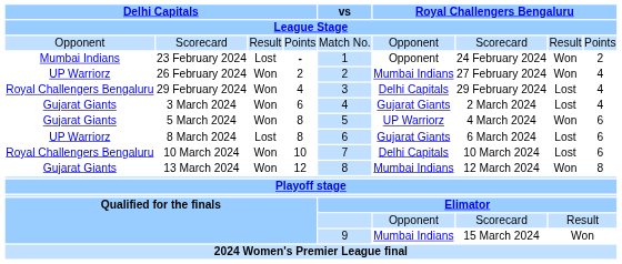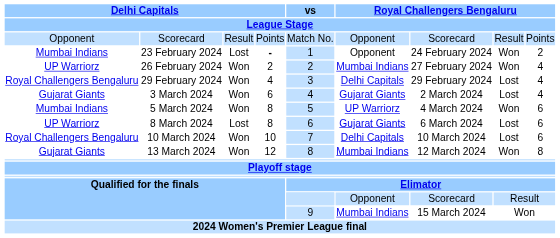 <table style="text-align:center;margin:auto;">
 <tr style="vertical-align:top;background:#99CCFF">
 <th colspan="4"><a href='#'>Delhi Capitals</a></th>
 <th>vs</th>
 <th colspan="4"><a href='#'>Royal Challengers Bengaluru</a></th>
 </tr>
 <tr style="vertical-align:top;background:#99CCFF">
 <th colspan="9"><a href='#'>League Stage</a></th>
 </tr>
 <tr style="vertical-align:top;background:#C1E0FF">
 <td>Opponent</td>
 <td>Scorecard</td>
 <td>Result</td>
 <td>Points</td>
 <td>Match No.</td>
 <td>Opponent</td>
 <td>Scorecard</td>
 <td>Result</td>
 <td>Points</td>
 </tr>
 <tr>
 <td style="text-align:center;margin:auto;"><a href='#'>Mumbai Indians</a></td>
 <td>23 February 2024</td>
 <td>Lost</td>
 <th>-</th>
 <td style="background:#C1E0FF">1</td>
 <td>Opponent</td>
 <td>24 February 2024</td>
 <td>Won</td>
 <td>2</td>
 </tr>
 <tr>
 <td style="text-align:center"><a href='#'>UP Warriorz</a></td>
 <td>26 February 2024</td>
 <td>Won</td>
 <td>2</td>
 <td style="background:#C1E0FF">2</td>
 <td style="text-align:center"><a href='#'>Mumbai Indians</a></td>
 <td>27 February 2024</td>
 <td>Won</td>
 <td>4</td>
 </tr>
 <tr>
 <td style="text-align:center"><a href='#'>Royal Challengers Bengaluru</a></td>
 <td>29 February 2024</td>
 <td>Won</td>
 <td>4</td>
 <td style="background:#C1E0FF">3</td>
 <td style="text-align:center"><a href='#'>Delhi Capitals</a></td>
 <td>29 February 2024</td>
 <td>Lost</td>
 <td>4</td>
 </tr>
 <tr>
 <td style="text-align:center"><a href='#'>Gujarat Giants</a></td>
 <td>3 March 2024</td>
 <td>Won</td>
 <td>6</td>
 <td style="background:#C1E0FF">4</td>
 <td style="text-align:center"><a href='#'>Gujarat Giants</a></td>
 <td>2 March 2024</td>
 <td>Lost</td>
 <td>4</td>
 </tr>
 <tr>
-<td style="text-align:center"><a href='#'>Gujarat Giants</a></td>
+<td style="text-align:center"><a href='#'>Mumbai Indians</a></td>
 <td>5 March 2024</td>
 <td>Won</td>
 <td>8</td>
 <td style="background:#C1E0FF">5</td>
 <td style="text-align:center"><a href='#'>UP Warriorz</a></td>
 <td>4 March 2024</td>
 <td>Won</td>
 <td>6</td>
 </tr>
 <tr>
 <td style="text-align:center"><a href='#'>UP Warriorz</a></td>
 <td>8 March 2024</td>
 <td>Lost</td>
 <td>8</td>
 <td style="background:#C1E0FF">6</td>
 <td style="text-align:center"><a href='#'>Gujarat Giants</a></td>
 <td>6 March 2024</td>
 <td>Lost</td>
 <td>6</td>
 </tr>
 <tr>
 <td style="text-align:center"><a href='#'>Royal Challengers Bengaluru</a></td>
 <td>10 March 2024</td>
 <td>Won</td>
 <td>10</td>
 <td style="background:#C1E0FF">7</td>
 <td style="text-align:center"><a href='#'>Delhi Capitals</a></td>
 <td>10 March 2024</td>
 <td>Lost</td>
 <td>6</td>
 </tr>
 <tr>
 <td style="text-align:center"><a href='#'>Gujarat Giants</a></td>
 <td>13 March 2024</td>
 <td>Won</td>
 <td>12</td>
 <td style="background:#C1E0FF">8</td>
 <td style="text-align:center"><a href='#'>Mumbai Indians</a></td>
 <td>12 March 2024</td>
 <td>Won</td>
 <td>8</td>
 </tr>
 <tr>
 <td colspan="9" style="text-align:left;background:#C1E0FF;"></td>
 </tr>
 <tr style="vertical-align:top;background:#99CCFF">
 <th colspan="9"><a href='#'>Playoff stage</a></th>
 </tr>
 <tr style="align:center;background:#C1E0FF">
 <th colspan="9"></th>
 </tr>
 <tr style="vertical-align:top;background:#99CCFF">
 <th colspan="4" rowspan="3" style="align:center">Qualified for the finals</th>
 <th colspan="5"><a href='#'>Elimator</a></th>
 </tr>
 <tr style="align:center;background:#C1E0FF">
 <td style="background:#C1E0FF"></td>
 <td>Opponent</td>
 <td>Scorecard</td>
 <td colspan="2">Result</td>
 </tr>
 <tr>
 <td style="background:#C1E0FF">9</td>
 <td><a href='#'>Mumbai Indians</a></td>
 <td>15 March 2024</td>
 <td colspan="2">Won</td>
 </tr>
 <tr style="vertical-align:center;background:#C1E0FF">
 <th colspan="9">2024 Women's Premier League final</th>
 </tr>
 </table>
